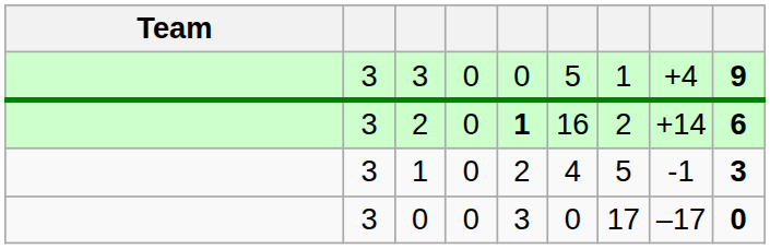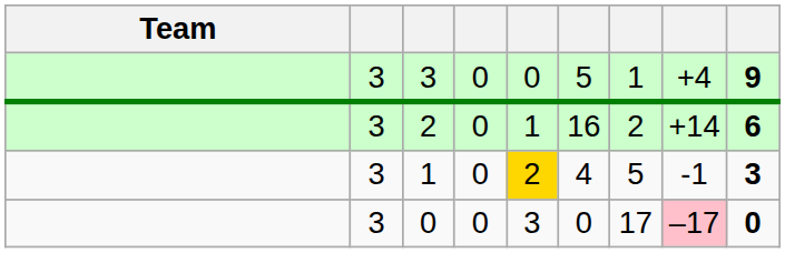 <table class="wikitable" style="text-align: center;">
 <tr>
 <th width="175">Team</th>
 <th width="20"></th>
 <th width="20"></th>
 <th width="20"></th>
 <th width="20"></th>
 <th width="20"></th>
 <th width="20"></th>
 <th width="20"></th>
 <th width="20"></th>
 </tr>
 <tr bgcolor=ccffcc>
 <td align=left></td>
 <td>3</td>
 <td>3</td>
 <td>0</td>
 <td>0</td>
 <td>5</td>
 <td>1</td>
 <td>+4</td>
 <td><strong>9</strong></td>
 </tr>
 <tr style="border-bottom:3px solid green;">
 </tr>
 <tr bgcolor=ccffcc>
 <td align=left></td>
 <td>3</td>
 <td>2</td>
 <td>0</td>
-<td><strong>1</strong></td>
+<td>1</td>
 <td>16</td>
 <td>2</td>
 <td>+14</td>
 <td><strong>6</strong></td>
 </tr>
 <tr>
 <td align=left></td>
 <td>3</td>
 <td>1</td>
 <td>0</td>
-<td>2</td>
+<td style="background: gold;">2</td>
 <td>4</td>
 <td>5</td>
 <td>-1</td>
 <td><strong>3</strong></td>
 </tr>
 <tr>
 <td align=left></td>
 <td>3</td>
 <td>0</td>
 <td>0</td>
 <td>3</td>
 <td>0</td>
 <td>17</td>
-<td>–17</td>
+<td style="background: pink;">–17</td>
 <td><strong>0</strong></td>
 </tr>
 </table>
